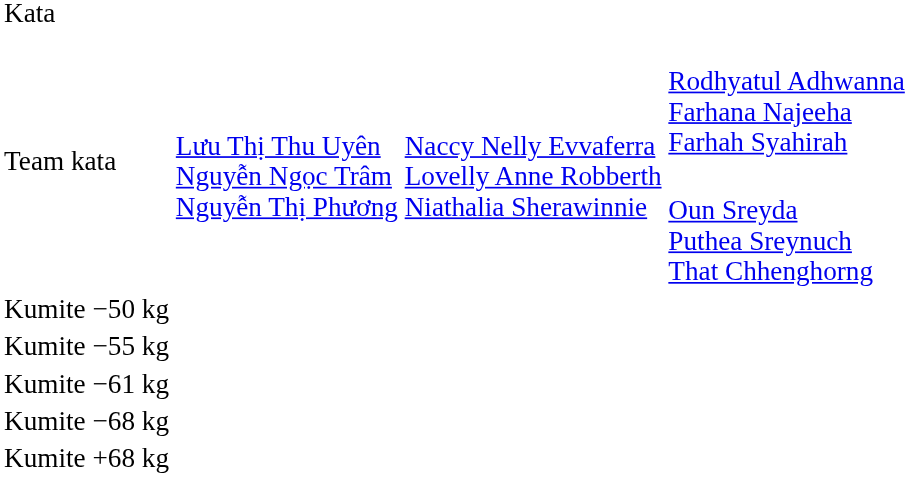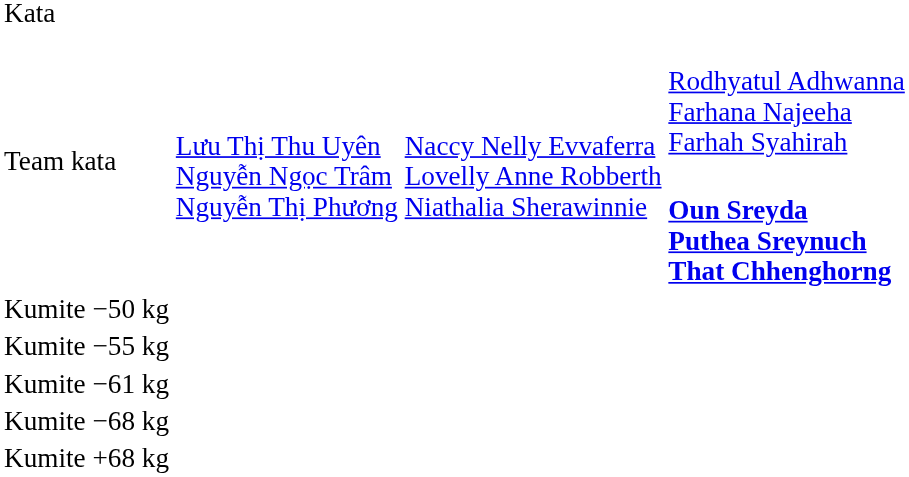 <table>
 <tr>
 <td rowspan=2>Kata<br></td>
 <td rowspan=2></td>
 <td rowspan=2></td>
 <td></td>
 </tr>
 <tr>
 <td></td>
 </tr>
 <tr>
 <td rowspan=2>Team kata<br></td>
 <td rowspan=2><br><a href='#'>Lưu Thị Thu Uyên</a><br><a href='#'>Nguyễn Ngọc Trâm</a><br><a href='#'>Nguyễn Thị Phương</a></td>
 <td rowspan=2><br><a href='#'>Naccy Nelly Evvaferra</a><br><a href='#'>Lovelly Anne Robberth</a><br><a href='#'>Niathalia Sherawinnie</a></td>
 <td><br><a href='#'>Rodhyatul Adhwanna</a><br><a href='#'>Farhana Najeeha</a><br><a href='#'>Farhah Syahirah</a></td>
 </tr>
 <tr>
-<td><br><a href='#'>Oun Sreyda</a><br><a href='#'>Puthea Sreynuch</a><br><a href='#'>That Chhenghorng</a></td>
+<td><strong><br><a href='#'>Oun Sreyda</a><br><a href='#'>Puthea Sreynuch</a><br><a href='#'>That Chhenghorng</a></strong></td>
 </tr>
 <tr>
 <td rowspan=2>Kumite −50 kg<br></td>
 <td rowspan=2></td>
 <td rowspan=2></td>
 <td></td>
 </tr>
 <tr>
 <td></td>
 </tr>
 <tr>
 <td rowspan=2>Kumite −55 kg<br></td>
 <td rowspan=2></td>
 <td rowspan=2></td>
 <td></td>
 </tr>
 <tr>
 <td></td>
 </tr>
 <tr>
 <td rowspan=2>Kumite −61 kg<br></td>
 <td rowspan=2></td>
 <td rowspan=2></td>
 <td></td>
 </tr>
 <tr>
 <td></td>
 </tr>
 <tr>
 <td rowspan=2>Kumite −68 kg<br></td>
 <td rowspan=2></td>
 <td rowspan=2></td>
 <td></td>
 </tr>
 <tr>
 <td></td>
 </tr>
 <tr>
 <td rowspan=2>Kumite +68 kg<br></td>
 <td rowspan=2></td>
 <td rowspan=2></td>
 <td></td>
 </tr>
 <tr>
 <td></td>
 </tr>
 </table>
